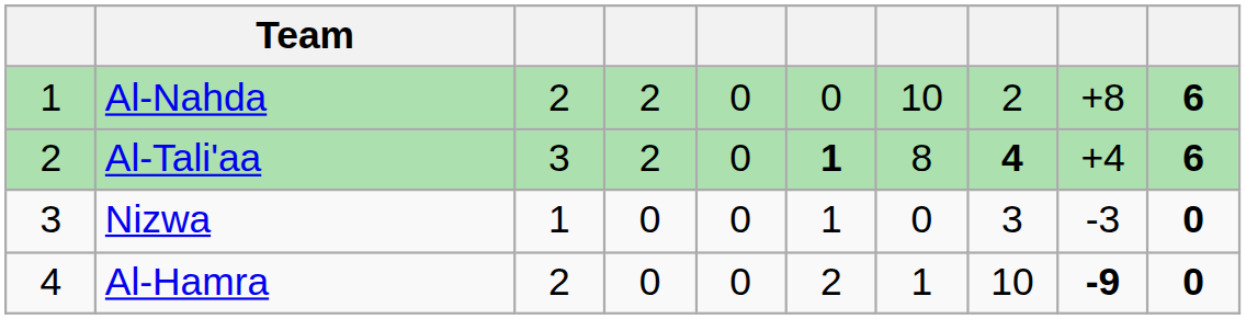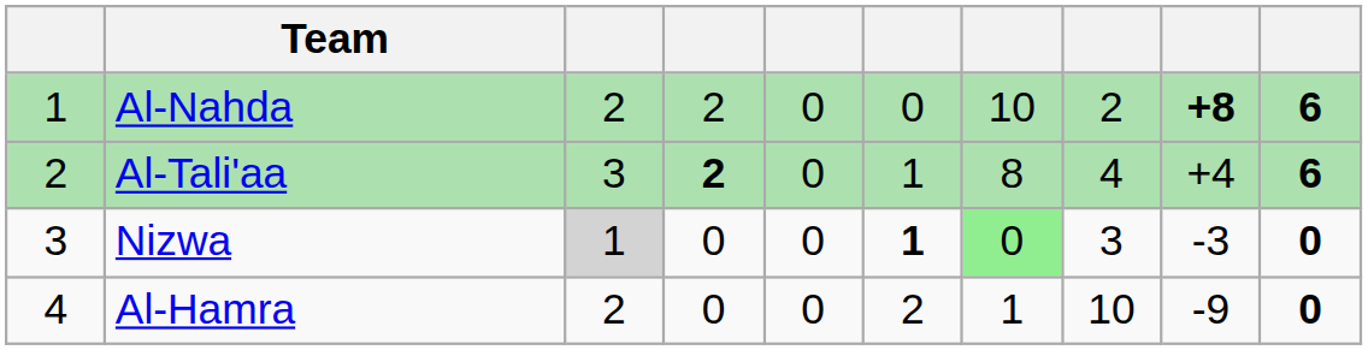 <table class="wikitable" style="text-align: center;">
 <tr>
 <th width=30></th>
 <th width=165>Team</th>
 <th width=30></th>
 <th width=30></th>
 <th width=30></th>
 <th width=30></th>
 <th width=30></th>
 <th width=30></th>
 <th width=30></th>
 <th width=30></th>
 </tr>
 <tr bgcolor=#ACE1AF>
 <td>1</td>
 <td align=left><a href='#'>Al-Nahda</a></td>
 <td>2</td>
 <td>2</td>
 <td>0</td>
 <td>0</td>
 <td>10</td>
 <td>2</td>
-<td>+8</td>
+<td><strong>+8</strong></td>
 <td><strong>6</strong></td>
 </tr>
 <tr bgcolor=#ACE1AF>
 <td>2</td>
 <td align=left><a href='#'>Al-Tali'aa</a></td>
 <td>3</td>
-<td>2</td>
+<td><strong>2</strong></td>
 <td>0</td>
-<td><strong>1</strong></td>
+<td>1</td>
 <td>8</td>
-<td><strong>4</strong></td>
+<td>4</td>
 <td>+4</td>
 <td><strong>6</strong></td>
 </tr>
 <tr>
 <td>3</td>
 <td align=left><a href='#'>Nizwa</a></td>
-<td>1</td>
+<td style="background: lightgrey;">1</td>
 <td>0</td>
 <td>0</td>
-<td>1</td>
-<td>0</td>
+<td><strong>1</strong></td>
+<td style="background: lightgreen;">0</td>
 <td>3</td>
 <td>-3</td>
 <td><strong>0</strong></td>
 </tr>
 <tr>
 <td>4</td>
 <td align=left><a href='#'>Al-Hamra</a></td>
 <td>2</td>
 <td>0</td>
 <td>0</td>
 <td>2</td>
 <td>1</td>
 <td>10</td>
-<td><strong>-9</strong></td>
+<td>-9</td>
 <td><strong>0</strong></td>
 </tr>
 </table>
